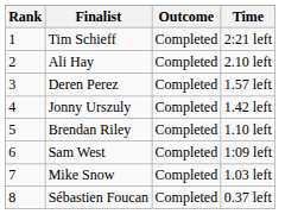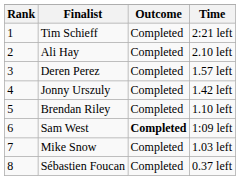 <table class="wikitable">
 <tr>
 </tr>
 <tr>
 <th>Rank</th>
 <th>Finalist</th>
 <th>Outcome</th>
 <th>Time</th>
 </tr>
 <tr>
 <td>1</td>
 <td>Tim Schieff</td>
 <td>Completed</td>
 <td>2:21 left</td>
 </tr>
 <tr>
 <td>2</td>
 <td>Ali Hay</td>
 <td>Completed</td>
 <td>2.10 left</td>
 </tr>
 <tr>
 <td>3</td>
 <td>Deren Perez</td>
 <td>Completed</td>
 <td>1.57 left</td>
 </tr>
 <tr>
 <td>4</td>
 <td>Jonny Urszuly</td>
 <td>Completed</td>
 <td>1.42 left</td>
 </tr>
 <tr>
 <td>5</td>
 <td>Brendan Riley</td>
 <td>Completed</td>
 <td>1.10 left</td>
 </tr>
 <tr>
 <td>6</td>
 <td>Sam West</td>
-<td>Completed</td>
+<td><strong>Completed</strong></td>
 <td>1:09 left</td>
 </tr>
 <tr>
 <td>7</td>
 <td>Mike Snow</td>
 <td>Completed</td>
 <td>1.03 left</td>
 </tr>
 <tr>
 <td>8</td>
 <td>Sébastien Foucan</td>
 <td>Completed</td>
 <td>0.37 left</td>
 </tr>
 </table>
